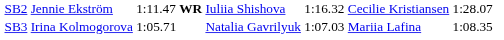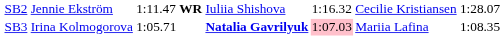 <table>
 <tr>
 <td><a href='#'>SB2</a></td>
 <td><a href='#'>Jennie Ekström</a><br></td>
 <td>1:11.47 <strong>WR</strong></td>
 <td><a href='#'>Iuliia Shishova</a><br></td>
 <td>1:16.32</td>
 <td><a href='#'>Cecilie Kristiansen</a><br></td>
 <td>1:28.07</td>
 </tr>
 <tr>
 <td><a href='#'>SB3</a></td>
 <td><a href='#'>Irina Kolmogorova</a><br></td>
 <td>1:05.71</td>
-<td><a href='#'>Natalia Gavrilyuk</a><br></td>
-<td>1:07.03</td>
+<td><strong><a href='#'>Natalia Gavrilyuk</a><br></strong></td>
+<td style="background: pink;">1:07.03</td>
 <td><a href='#'>Mariia Lafina</a><br></td>
 <td>1:08.35</td>
 </tr>
 </table>
